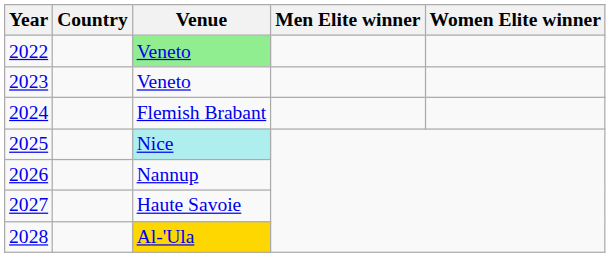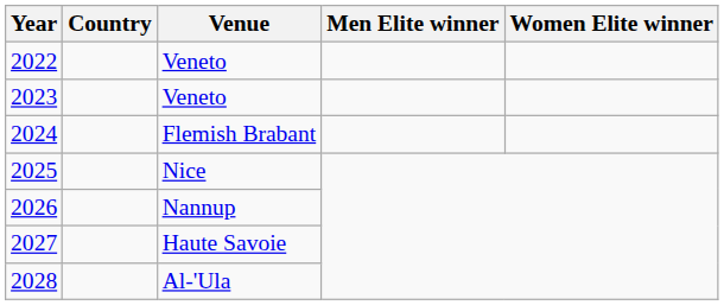 <table class="wikitable">
 <tr>
 <th>Year</th>
 <th>Country</th>
 <th>Venue</th>
 <th>Men Elite winner</th>
 <th>Women Elite winner</th>
 </tr>
 <tr>
 <td><a href='#'>2022</a></td>
 <td></td>
-<td style="background: lightgreen;"><a href='#'>Veneto</a></td>
+<td><a href='#'>Veneto</a></td>
 <td></td>
 <td></td>
 </tr>
 <tr>
 <td><a href='#'>2023</a></td>
 <td></td>
 <td><a href='#'>Veneto</a></td>
 <td></td>
 <td></td>
 </tr>
 <tr>
 <td><a href='#'>2024</a></td>
 <td></td>
 <td><a href='#'>Flemish Brabant</a></td>
 <td></td>
 <td></td>
 </tr>
 <tr>
 <td><a href='#'>2025</a></td>
 <td></td>
-<td style="background: paleturquoise;"><a href='#'>Nice</a></td>
+<td><a href='#'>Nice</a></td>
 </tr>
 <tr>
 <td><a href='#'>2026</a></td>
 <td></td>
 <td><a href='#'>Nannup</a></td>
 </tr>
 <tr>
 <td><a href='#'>2027</a></td>
 <td></td>
 <td><a href='#'>Haute Savoie</a></td>
 </tr>
 <tr>
 <td><a href='#'>2028</a></td>
 <td></td>
-<td style="background: gold;"><a href='#'>Al-'Ula</a></td>
+<td><a href='#'>Al-'Ula</a></td>
 </tr>
 </table>
